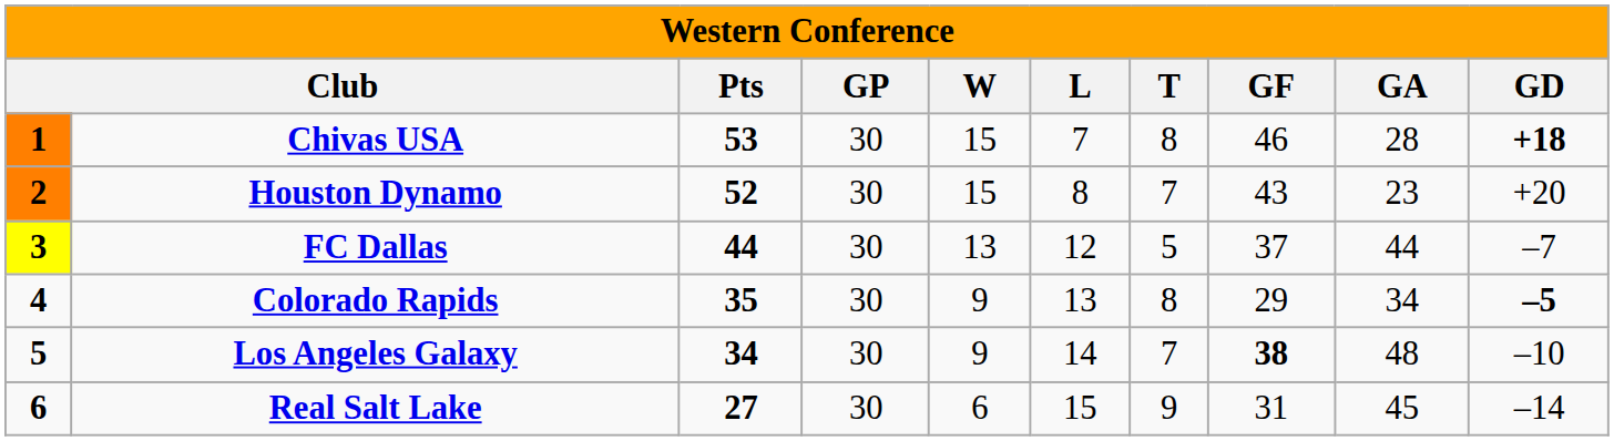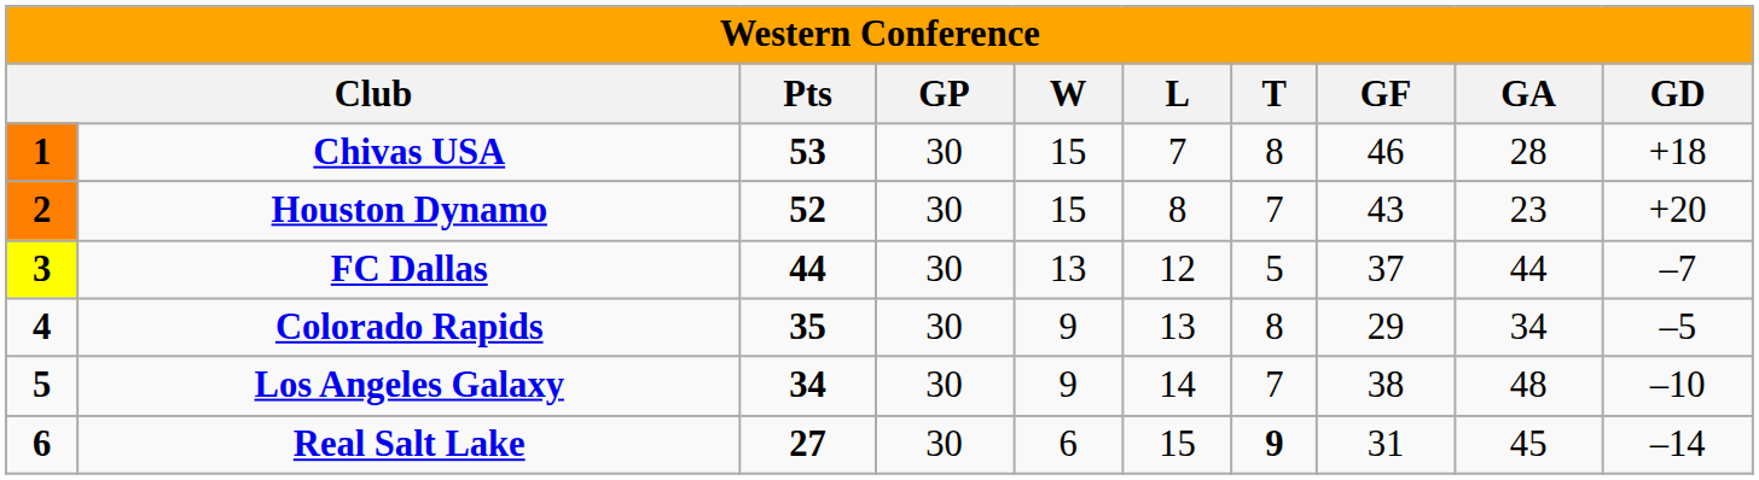 <table class="wikitable" width=60% style="text-align:center">
 <tr>
 <td colspan=10  bgcolor=orange><span><strong>Western Conference</strong></span></td>
 </tr>
 <tr>
 <th colspan="2">Club</th>
 <th>Pts</th>
 <th>GP</th>
 <th>W</th>
 <th>L</th>
 <th>T</th>
 <th>GF</th>
 <th>GA</th>
 <th>GD</th>
 </tr>
 <tr>
 <td bgcolor=#FF7F00><strong>1</strong></td>
 <td><strong><a href='#'>Chivas USA</a></strong></td>
 <td><strong>53</strong></td>
 <td>30</td>
 <td>15</td>
 <td>7</td>
 <td>8</td>
 <td>46</td>
 <td>28</td>
-<td><strong>+18</strong></td>
+<td>+18</td>
 </tr>
 <tr>
 <td bgcolor=#FF7F00><strong>2</strong></td>
 <td><strong><a href='#'>Houston Dynamo</a></strong></td>
 <td><strong>52</strong></td>
 <td>30</td>
 <td>15</td>
 <td>8</td>
 <td>7</td>
 <td>43</td>
 <td>23</td>
 <td>+20</td>
 </tr>
 <tr>
 <td bgcolor=#FFFF00><strong>3</strong></td>
 <td><strong><a href='#'>FC Dallas</a></strong></td>
 <td><strong>44</strong></td>
 <td>30</td>
 <td>13</td>
 <td>12</td>
 <td>5</td>
 <td>37</td>
 <td>44</td>
 <td>–7</td>
 </tr>
 <tr>
 <td><strong>4</strong></td>
 <td><strong><a href='#'>Colorado Rapids</a></strong></td>
 <td><strong>35</strong></td>
 <td>30</td>
 <td>9</td>
 <td>13</td>
 <td>8</td>
 <td>29</td>
 <td>34</td>
-<td><strong>–5</strong></td>
+<td>–5</td>
 </tr>
 <tr>
 <td><strong>5</strong></td>
 <td><strong><a href='#'>Los Angeles Galaxy</a></strong></td>
 <td><strong>34</strong></td>
 <td>30</td>
 <td>9</td>
 <td>14</td>
 <td>7</td>
-<td><strong>38</strong></td>
+<td>38</td>
 <td>48</td>
 <td>–10</td>
 </tr>
 <tr>
 <td><strong>6</strong></td>
 <td><strong><a href='#'>Real Salt Lake</a></strong></td>
 <td><strong>27</strong></td>
 <td>30</td>
 <td>6</td>
 <td>15</td>
-<td>9</td>
+<td><strong>9</strong></td>
 <td>31</td>
 <td>45</td>
 <td>–14</td>
 </tr>
 </table>
